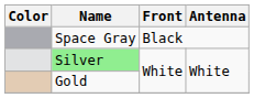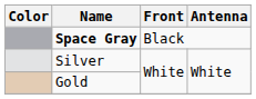 <table class="wikitable">
 <tr>
 <th>Color</th>
 <th>Name</th>
 <th>Front</th>
 <th>Antenna</th>
 </tr>
 <tr>
 <td bgcolor="#A9AAB0"></td>
-<td>Space Gray</td>
+<td><strong>Space Gray</strong></td>
 <td colspan="2">Black</td>
 </tr>
 <tr>
 <td bgcolor="#E2E3E4"></td>
-<td style="background: lightgreen;">Silver</td>
+<td>Silver</td>
 <td rowspan="2">White</td>
 <td rowspan="2">White</td>
 </tr>
 <tr>
 <td bgcolor="#E3CCB4"></td>
 <td>Gold</td>
 </tr>
 <tr>
 </tr>
 </table>
